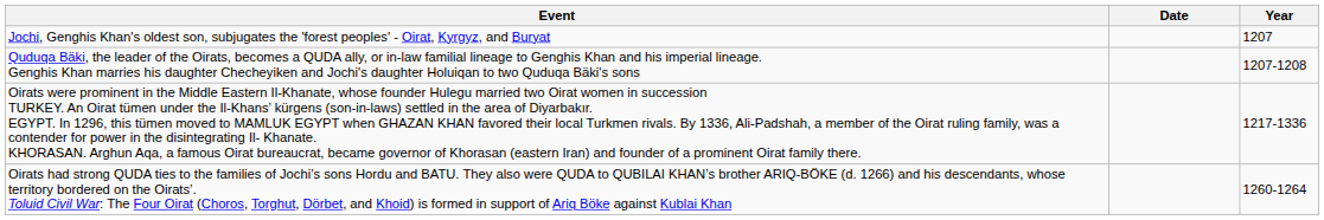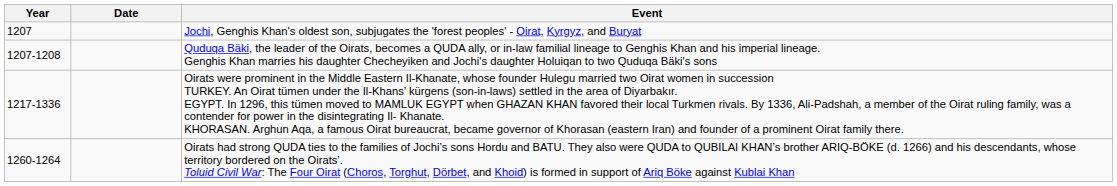 <table class="wikitable" style="width:100%;">
 <tr>
+<th style="width:6%">Year</th>
+<th style="width:10%">Date</th>
 <th>Event</th>
-<th style="width:10%">Date</th>
-<th style="width:6%">Year</th>
 </tr>
 <tr>
+<td>1207</td>
+<td></td>
 <td><a href='#'>Jochi</a>, Genghis Khan's oldest son, subjugates the 'forest peoples' - <a href='#'>Oirat</a>, <a href='#'>Kyrgyz</a>, and <a href='#'>Buryat</a></td>
-<td></td>
-<td>1207</td>
 </tr>
 <tr>
+<td>1207-1208</td>
+<td></td>
 <td><a href='#'>Quduqa Bäki</a>, the leader of the Oirats, becomes a QUDA ally, or in-law familial lineage to Genghis Khan and his imperial lineage.<br>Genghis Khan marries his daughter Checheyiken and Jochi's daughter Holuiqan to two Quduqa Bäki's sons </td>
-<td></td>
-<td>1207-1208</td>
 </tr>
 <tr>
+<td>1217-1336</td>
+<td></td>
 <td>Oirats were prominent in the Middle Eastern Il-Khanate, whose founder Hulegu married two Oirat women in succession <br>TURKEY. An Oirat tümen under the Il-Khans’ kürgens (son-in-laws) settled in the area of Diyarbakır.<br>EGYPT. In 1296, this tümen moved to MAMLUK EGYPT when GHAZAN KHAN favored their local Turkmen rivals. By 1336, Ali-Padshah, a member of the Oirat ruling family, was a contender for power in the disintegrating Il- Khanate.<br>KHORASAN. Arghun Aqa, a famous Oirat bureaucrat, became governor of Khorasan (eastern Iran) and founder of a prominent Oirat family there.</td>
-<td></td>
-<td>1217-1336</td>
 </tr>
 <tr>
+<td>1260-1264</td>
+<td></td>
 <td>Oirats had strong QUDA ties to the families of Jochi’s sons Hordu and BATU. They also were QUDA to QUBILAI KHAN’s brother ARIQ-BÖKE (d. 1266) and his descendants, whose territory bordered on the Oirats’.<br><em><a href='#'>Toluid Civil War</a></em>: The <a href='#'>Four Oirat</a> (<a href='#'>Choros</a>, <a href='#'>Torghut</a>, <a href='#'>Dörbet</a>, and <a href='#'>Khoid</a>) is formed in support of <a href='#'>Ariq Böke</a> against <a href='#'>Kublai Khan</a></td>
-<td></td>
-<td>1260-1264</td>
 </tr>
 </table>
